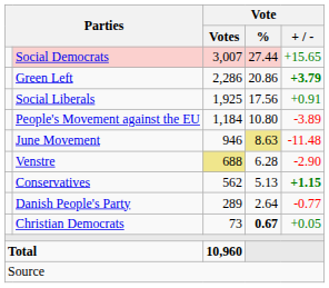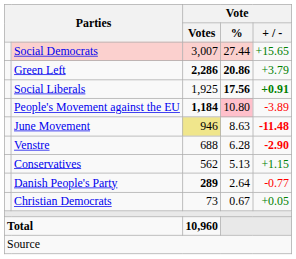 <table class="wikitable" style="text-align:right;">
 <tr>
 <th style="text-align:centre;" rowspan="2" colspan="2" width="225">Parties</th>
 <th colspan="3">Vote</th>
 </tr>
 <tr>
 <th width="15">Votes</th>
 <th width="15">%</th>
 <th width="15">+ / -</th>
 </tr>
 <tr>
 <td width="2" style="color:inherit;background:"></td>
 <td bgcolor=#fbd0ce   align="left"><a href='#'>Social Democrats</a></td>
 <td bgcolor=#fbd0ce>3,007</td>
 <td bgcolor=#fbd0ce>27.44</td>
 <td style=color:green;>+15.65</td>
 </tr>
 <tr>
 <td width="2" style="color:inherit;background:"></td>
 <td align="left"><a href='#'>Green Left</a></td>
-<td>2,286</td>
-<td>20.86</td>
-<td style=color:green;><strong>+3.79</strong></td>
+<td><strong>2,286</strong></td>
+<td><strong>20.86</strong></td>
+<td style=color:green;>+3.79</td>
 </tr>
 <tr>
 <td width="2" style="color:inherit;background:"></td>
 <td align="left"><a href='#'>Social Liberals</a></td>
 <td>1,925</td>
-<td>17.56</td>
-<td style=color:green;>+0.91</td>
+<td><strong>17.56</strong></td>
+<td style=color:green;><strong>+0.91</strong></td>
 </tr>
 <tr>
 <td width="2" style="color:inherit;background:"></td>
 <td align="left"><a href='#'>People's Movement against the EU</a></td>
-<td>1,184</td>
-<td>10.80</td>
+<td><strong>1,184</strong></td>
+<td style="background: pink;">10.80</td>
 <td style=color:red;>-3.89</td>
 </tr>
 <tr>
 <td width="2" style="color:inherit;background:"></td>
 <td align="left"><a href='#'>June Movement</a></td>
-<td>946</td>
-<td style="background: khaki;">8.63</td>
-<td style=color:red;>-11.48</td>
+<td style="background: khaki;">946</td>
+<td>8.63</td>
+<td style=color:red;><strong>-11.48</strong></td>
 </tr>
 <tr>
 <td width="2" style="color:inherit;background:"></td>
 <td align="left"><a href='#'>Venstre</a></td>
-<td style="background: khaki;">688</td>
+<td>688</td>
 <td>6.28</td>
-<td style=color:red;>-2.90</td>
+<td style=color:red;><strong>-2.90</strong></td>
 </tr>
 <tr>
 <td width="2" style="color:inherit;background:"></td>
 <td align="left"><a href='#'>Conservatives</a></td>
 <td>562</td>
 <td>5.13</td>
-<td style=color:green;><strong>+1.15</strong></td>
+<td style=color:green;>+1.15</td>
 </tr>
 <tr>
 <td width="2" style="color:inherit;background:"></td>
 <td align="left"><a href='#'>Danish People's Party</a></td>
-<td>289</td>
+<td><strong>289</strong></td>
 <td>2.64</td>
 <td style=color:red;>-0.77</td>
 </tr>
 <tr>
 <td width="2" style="color:inherit;background:"></td>
 <td align="left"><a href='#'>Christian Democrats</a></td>
 <td>73</td>
-<td><strong>0.67</strong></td>
+<td>0.67</td>
 <td style=color:green;>+0.05</td>
 </tr>
 <tr>
 <td colspan="7" bgcolor="#E9E9E9"></td>
 </tr>
 <tr>
 <td align="left" colspan="2"><strong>Total</strong></td>
 <td><strong>10,960</strong></td>
 <td bgcolor="#E9E9E9" colspan="2"></td>
 </tr>
 <tr>
 <td align="left" colspan="6">Source</td>
 </tr>
 </table>
